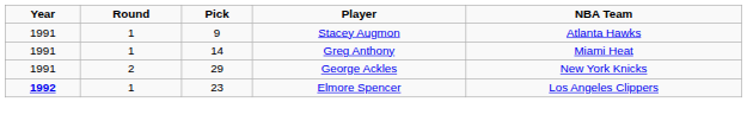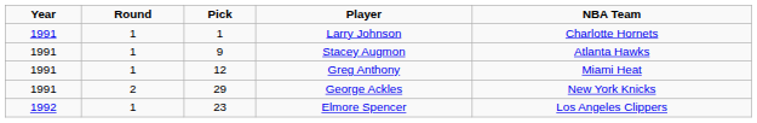 <table class="wikitable" width="80%">
 <tr align="center">
 <td><strong>Year</strong></td>
 <td><strong>Round</strong></td>
 <td><strong>Pick</strong></td>
 <td><strong>Player</strong></td>
 <td><strong>NBA Team</strong></td>
+</tr>
+<tr align="center" bgcolor="">
+<td><a href='#'>1991</a></td>
+<td>1</td>
+<td>1</td>
+<td><a href='#'>Larry Johnson</a></td>
+<td><a href='#'>Charlotte Hornets</a></td>
 </tr>
 <tr align="center" bgcolor="">
 <td>1991</td>
 <td>1</td>
 <td>9</td>
 <td><a href='#'>Stacey Augmon</a></td>
 <td><a href='#'>Atlanta Hawks</a></td>
 </tr>
 <tr align="center" bgcolor="">
 <td>1991</td>
 <td>1</td>
-<td>14</td>
+<td>12</td>
 <td><a href='#'>Greg Anthony</a></td>
 <td><a href='#'>Miami Heat</a></td>
 </tr>
 <tr align="center" bgcolor="">
 <td>1991</td>
 <td>2</td>
 <td>29</td>
 <td><a href='#'>George Ackles</a></td>
 <td><a href='#'>New York Knicks</a></td>
 </tr>
 <tr align="center" bgcolor="">
-<td><strong><a href='#'>1992</a></strong></td>
+<td><a href='#'>1992</a></td>
 <td>1</td>
 <td>23</td>
 <td><a href='#'>Elmore Spencer</a></td>
 <td><a href='#'>Los Angeles Clippers</a></td>
 </tr>
 </table>
